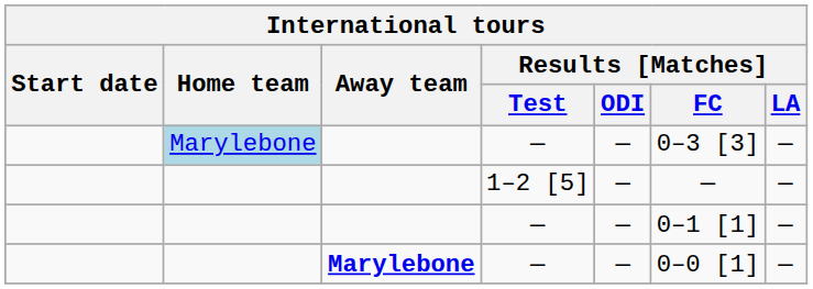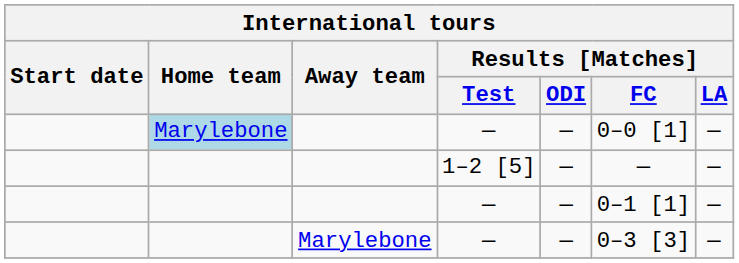 <table class="wikitable">
 <tr>
 <th colspan="7">International tours</th>
 </tr>
 <tr>
 <th rowspan="2">Start date</th>
 <th rowspan="2">Home team</th>
 <th rowspan="2">Away team</th>
 <th colspan="4">Results [Matches]</th>
 </tr>
 <tr>
 <th><a href='#'>Test</a></th>
 <th><a href='#'>ODI</a></th>
 <th><a href='#'>FC</a></th>
 <th><a href='#'>LA</a></th>
 </tr>
 <tr>
 <td><a href='#'></a></td>
 <td style="background: lightblue;"><a href='#'>Marylebone</a></td>
 <td></td>
 <td ; style="text-align:center">—</td>
 <td ; style="text-align:center">—</td>
-<td>0–3 [3]</td>
+<td>0–0 [1]</td>
 <td ; style="text-align:center">—</td>
 </tr>
 <tr>
 <td><a href='#'></a></td>
 <td></td>
 <td></td>
 <td>1–2 [5]</td>
 <td ; style="text-align:center">—</td>
 <td ; style="text-align:center">—</td>
 <td ; style="text-align:center">—</td>
 </tr>
 <tr>
 <td><a href='#'></a></td>
 <td></td>
 <td></td>
 <td ; style="text-align:center">—</td>
 <td ; style="text-align:center">—</td>
 <td>0–1 [1]</td>
 <td ; style="text-align:center">—</td>
 </tr>
 <tr>
 <td><a href='#'></a></td>
 <td></td>
-<td><strong><a href='#'>Marylebone</a></strong></td>
+<td><a href='#'>Marylebone</a></td>
 <td ; style="text-align:center">—</td>
 <td ; style="text-align:center">—</td>
-<td>0–0 [1]</td>
+<td>0–3 [3]</td>
 <td ; style="text-align:center">—</td>
 </tr>
 </table>
